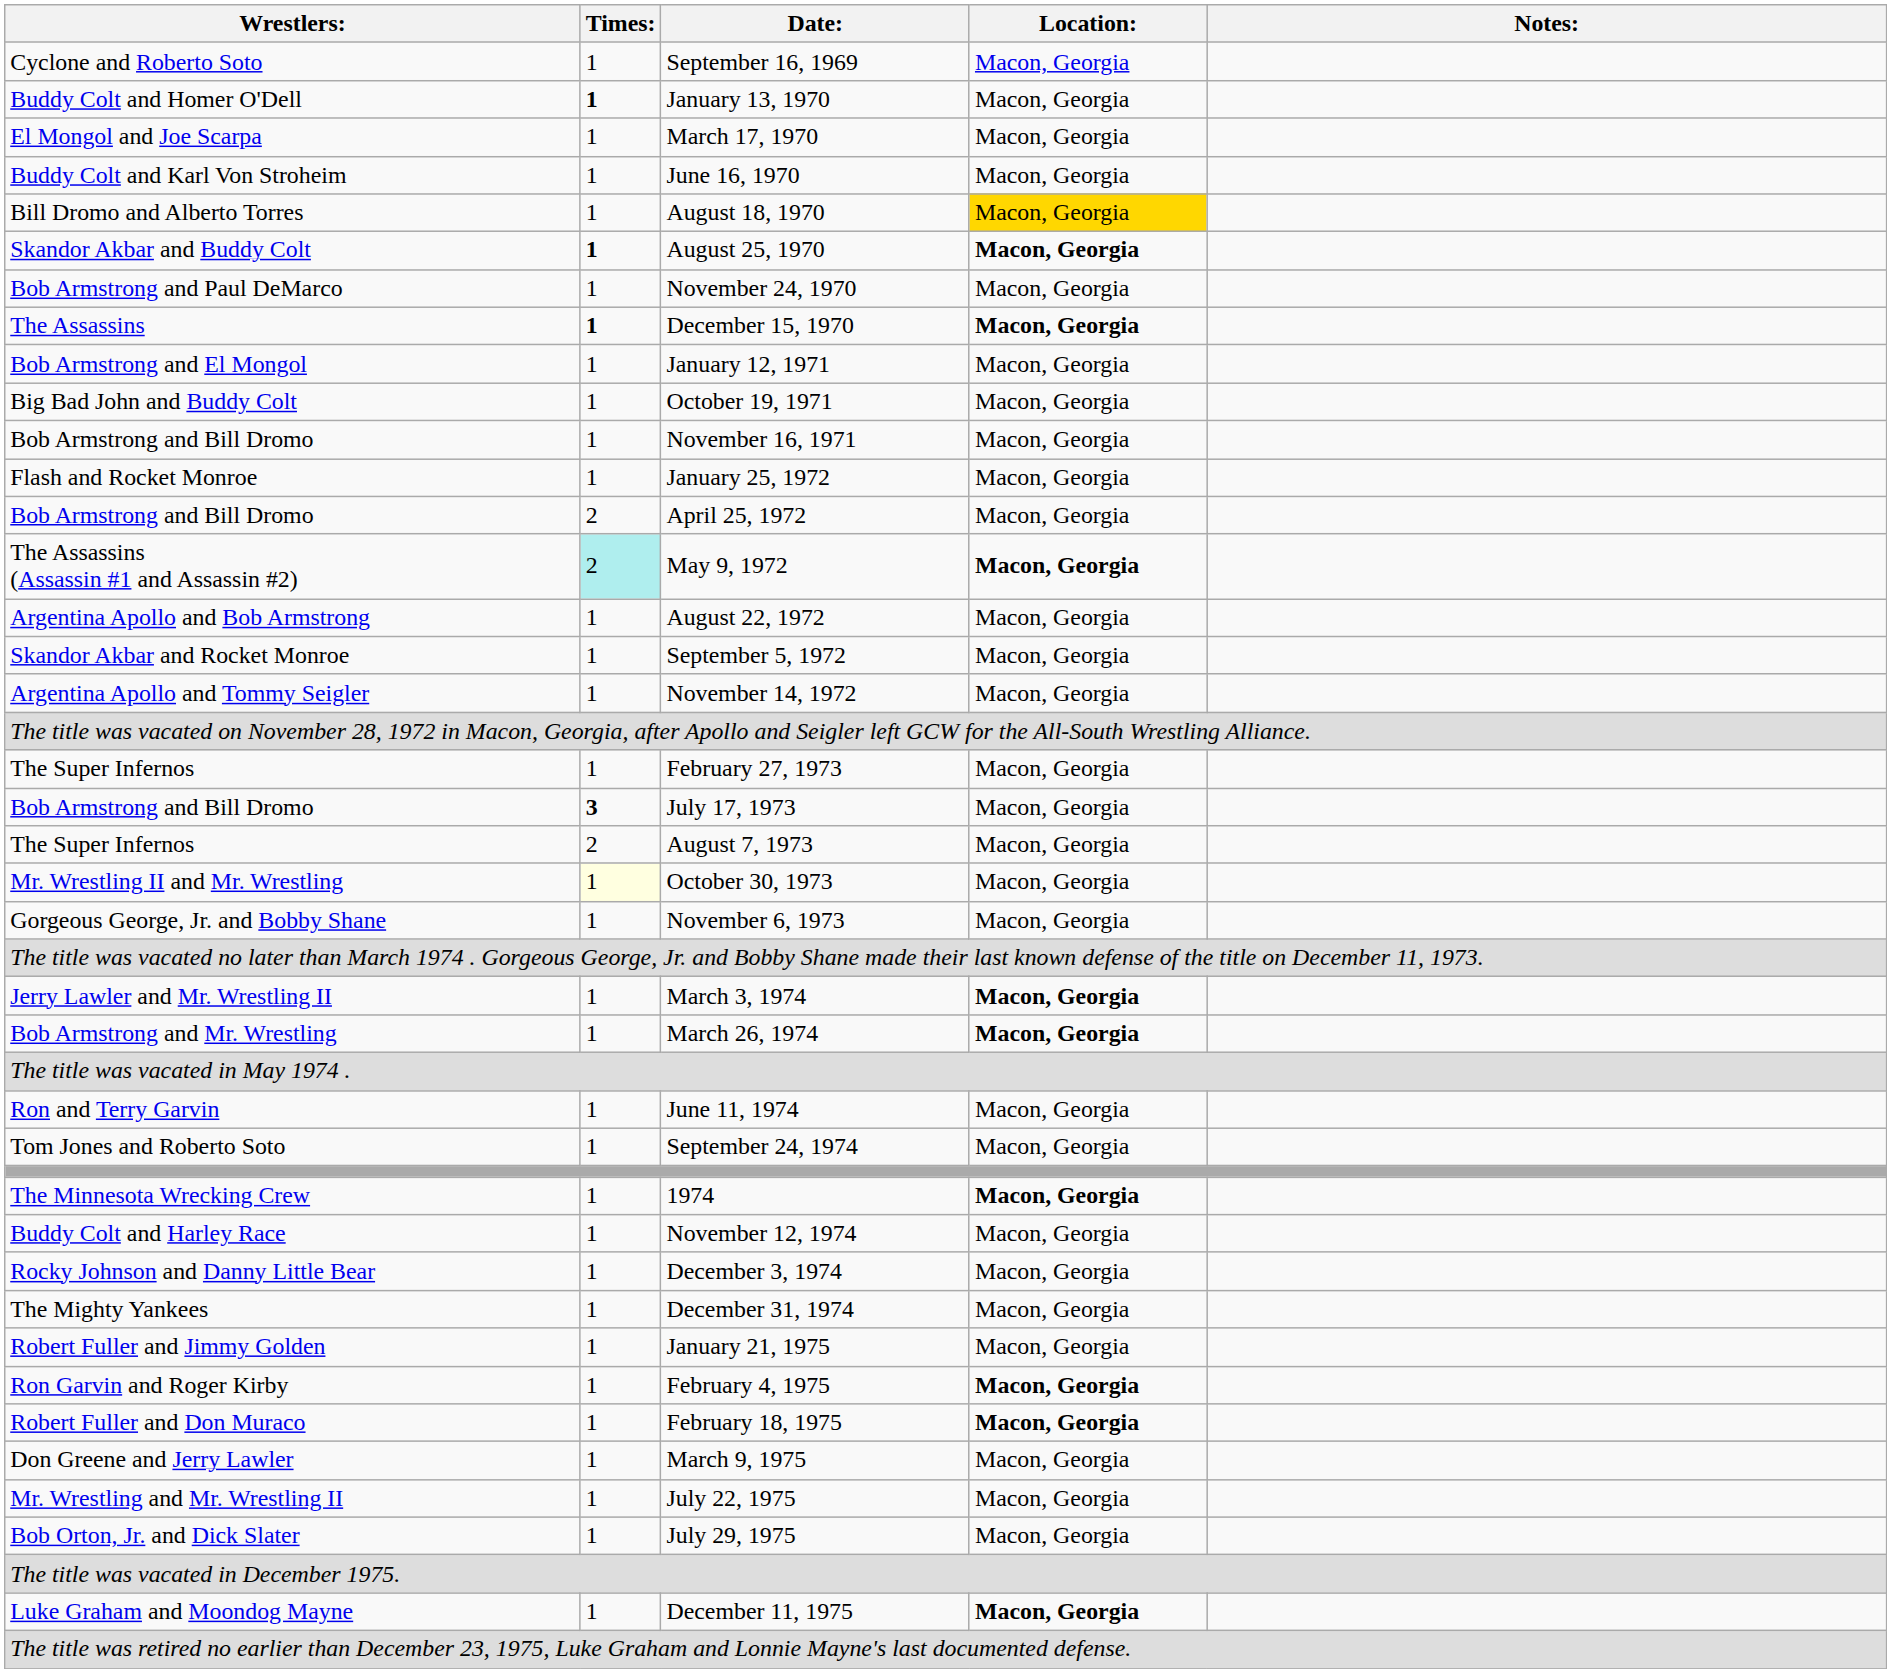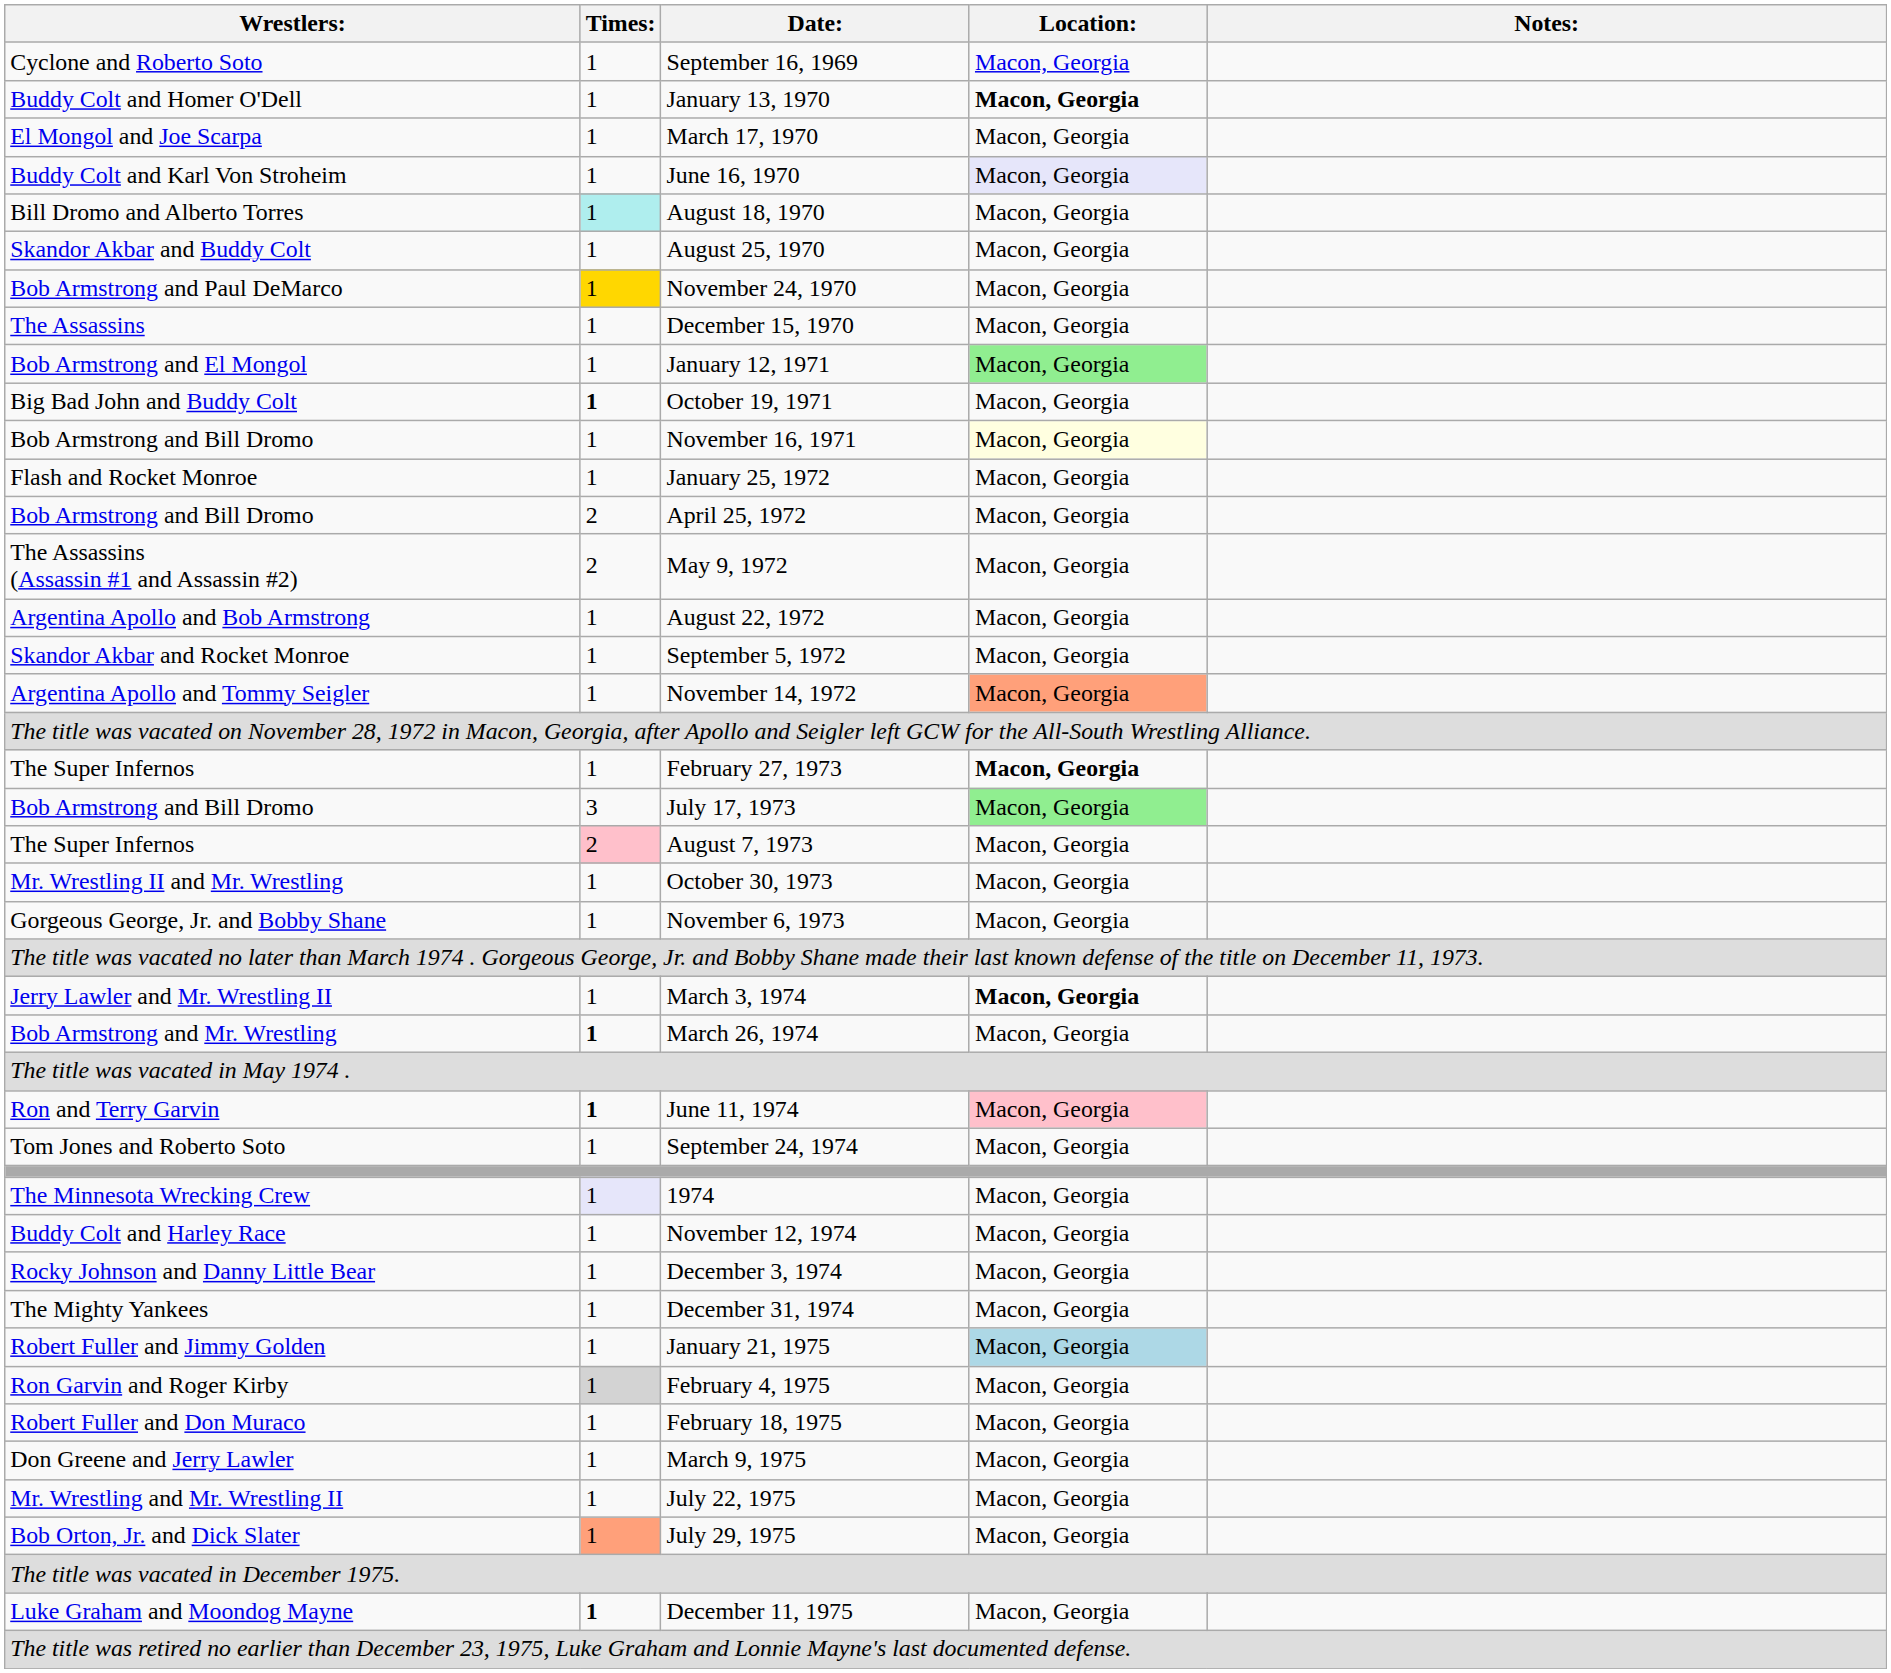 <table class="wikitable" width=100%>
 <tr>
 <th width=32%>Wrestlers:</th>
 <th width=0%>Times:</th>
 <th width=17%>Date:</th>
 <th width=13%>Location:</th>
 <th width=38%>Notes:</th>
 </tr>
 <tr>
 <td>Cyclone and <a href='#'>Roberto Soto</a></td>
 <td>1</td>
 <td>September 16, 1969</td>
 <td><a href='#'>Macon, Georgia</a></td>
 <td></td>
 </tr>
 <tr>
 <td><a href='#'>Buddy Colt</a> and Homer O'Dell</td>
-<td><strong>1</strong></td>
+<td>1</td>
 <td>January 13, 1970</td>
-<td>Macon, Georgia</td>
+<td><strong>Macon, Georgia</strong></td>
 <td></td>
 </tr>
 <tr>
 <td><a href='#'>El Mongol</a> and <a href='#'>Joe Scarpa</a></td>
 <td>1</td>
 <td>March 17, 1970</td>
 <td>Macon, Georgia</td>
 <td></td>
 </tr>
 <tr>
 <td><a href='#'>Buddy Colt</a>  and Karl Von Stroheim</td>
 <td>1</td>
 <td>June 16, 1970</td>
+<td style="background: lavender;">Macon, Georgia</td>
+<td></td>
+</tr>
+<tr>
+<td>Bill Dromo and Alberto Torres</td>
+<td style="background: paleturquoise;">1</td>
+<td>August 18, 1970</td>
 <td>Macon, Georgia</td>
 <td></td>
 </tr>
 <tr>
-<td>Bill Dromo and Alberto Torres</td>
+<td><a href='#'>Skandor Akbar</a> and <a href='#'>Buddy Colt</a> </td>
 <td>1</td>
-<td>August 18, 1970</td>
-<td style="background: gold;">Macon, Georgia</td>
-<td></td>
-</tr>
-<tr>
-<td><a href='#'>Skandor Akbar</a> and <a href='#'>Buddy Colt</a> </td>
-<td><strong>1</strong></td>
 <td>August 25, 1970</td>
-<td><strong>Macon, Georgia</strong></td>
+<td>Macon, Georgia</td>
 <td></td>
 </tr>
 <tr>
 <td><a href='#'>Bob Armstrong</a> and Paul DeMarco</td>
-<td>1</td>
+<td style="background: gold;">1</td>
 <td>November 24, 1970</td>
 <td>Macon, Georgia</td>
 <td></td>
 </tr>
 <tr>
 <td><a href='#'>The Assassins</a><br></td>
-<td><strong>1</strong></td>
+<td>1</td>
 <td>December 15, 1970</td>
-<td><strong>Macon, Georgia</strong></td>
+<td>Macon, Georgia</td>
 <td></td>
 </tr>
 <tr>
 <td><a href='#'>Bob Armstrong</a>  and <a href='#'>El Mongol</a> </td>
 <td>1</td>
 <td>January 12, 1971</td>
-<td>Macon, Georgia</td>
+<td style="background: lightgreen;">Macon, Georgia</td>
 <td></td>
 </tr>
 <tr>
 <td>Big Bad John and <a href='#'>Buddy Colt</a> </td>
-<td>1</td>
+<td><strong>1</strong></td>
 <td>October 19, 1971</td>
 <td>Macon, Georgia</td>
 <td></td>
 </tr>
 <tr>
 <td>Bob Armstrong  and Bill Dromo </td>
 <td>1</td>
 <td>November 16, 1971</td>
-<td>Macon, Georgia</td>
+<td style="background: lightyellow;">Macon, Georgia</td>
 <td></td>
 </tr>
 <tr>
 <td>Flash and Rocket Monroe</td>
 <td>1</td>
 <td>January 25, 1972</td>
 <td>Macon, Georgia</td>
 <td></td>
 </tr>
 <tr>
 <td><a href='#'>Bob Armstrong</a>  and Bill Dromo </td>
 <td>2</td>
 <td>April 25, 1972</td>
 <td>Macon, Georgia</td>
 <td></td>
 </tr>
 <tr>
 <td>The Assassins<br>(<a href='#'>Assassin #1</a> and Assassin #2)</td>
-<td style="background: paleturquoise;">2</td>
+<td>2</td>
 <td>May 9, 1972</td>
-<td><strong>Macon, Georgia</strong></td>
+<td>Macon, Georgia</td>
 <td></td>
 </tr>
 <tr>
 <td><a href='#'>Argentina Apollo</a> and <a href='#'>Bob Armstrong</a> </td>
 <td>1</td>
 <td>August 22, 1972</td>
 <td>Macon, Georgia</td>
 <td></td>
 </tr>
 <tr>
 <td><a href='#'>Skandor Akbar</a>  and Rocket Monroe </td>
 <td>1</td>
 <td>September 5, 1972</td>
 <td>Macon, Georgia</td>
 <td></td>
 </tr>
 <tr>
 <td><a href='#'>Argentina Apollo</a>  and <a href='#'>Tommy Seigler</a></td>
 <td>1</td>
 <td>November 14, 1972</td>
-<td>Macon, Georgia</td>
+<td style="background: lightsalmon;">Macon, Georgia</td>
 <td></td>
 </tr>
 <tr>
 <td style="background: #dddddd;" colspan=5><em>The title was vacated on November 28, 1972 in Macon, Georgia, after Apollo and Seigler left GCW for the All-South Wrestling Alliance.</em></td>
 </tr>
 <tr>
 <td>The Super Infernos</td>
 <td>1</td>
 <td>February 27, 1973</td>
-<td>Macon, Georgia</td>
+<td><strong>Macon, Georgia</strong></td>
 <td></td>
 </tr>
 <tr>
 <td><a href='#'>Bob Armstrong</a>  and Bill Dromo </td>
-<td><strong>3</strong></td>
+<td>3</td>
 <td>July 17, 1973</td>
-<td>Macon, Georgia</td>
+<td style="background: lightgreen;">Macon, Georgia</td>
 <td></td>
 </tr>
 <tr>
 <td>The Super Infernos</td>
-<td>2</td>
+<td style="background: pink;">2</td>
 <td>August 7, 1973</td>
 <td>Macon, Georgia</td>
 <td></td>
 </tr>
 <tr>
 <td><a href='#'>Mr. Wrestling II</a> and <a href='#'>Mr. Wrestling</a></td>
-<td style="background: lightyellow;">1</td>
+<td>1</td>
 <td>October 30, 1973</td>
 <td>Macon, Georgia</td>
 <td></td>
 </tr>
 <tr>
 <td>Gorgeous George, Jr. and <a href='#'>Bobby Shane</a></td>
 <td>1</td>
 <td>November 6, 1973</td>
 <td>Macon, Georgia</td>
 <td></td>
 </tr>
 <tr>
 <td style="background: #dddddd;" colspan=5><em>The title was vacated no later than March 1974 </em><em>. Gorgeous George, Jr. and Bobby Shane made their last known defense of the title on December 11, 1973.</em></td>
 </tr>
 <tr>
 <td><a href='#'>Jerry Lawler</a> and <a href='#'>Mr. Wrestling II</a> </td>
 <td>1</td>
 <td>March 3, 1974</td>
 <td><strong>Macon, Georgia</strong></td>
 <td></td>
 </tr>
 <tr>
 <td><a href='#'>Bob Armstrong</a>  and <a href='#'>Mr. Wrestling</a> </td>
-<td>1</td>
+<td><strong>1</strong></td>
 <td>March 26, 1974</td>
-<td><strong>Macon, Georgia</strong></td>
+<td>Macon, Georgia</td>
 <td></td>
 </tr>
 <tr>
 <td style="background: #dddddd;" colspan=5><em>The title was vacated in May 1974 </em><em>.</em></td>
 </tr>
 <tr>
 <td><a href='#'>Ron</a> and <a href='#'>Terry Garvin</a></td>
-<td>1</td>
+<td><strong>1</strong></td>
 <td>June 11, 1974</td>
-<td>Macon, Georgia</td>
+<td style="background: pink;">Macon, Georgia</td>
 <td></td>
 </tr>
 <tr>
 <td>Tom Jones and Roberto Soto</td>
 <td>1</td>
 <td>September 24, 1974</td>
 <td>Macon, Georgia</td>
 <td></td>
 </tr>
 <tr>
 <td style="background: #aaaaaa;" colspan=5></td>
 </tr>
 <tr>
 <td><a href='#'>The Minnesota Wrecking Crew</a><br></td>
-<td>1</td>
+<td style="background: lavender;">1</td>
 <td>1974</td>
-<td><strong>Macon, Georgia</strong></td>
+<td>Macon, Georgia</td>
 <td></td>
 </tr>
 <tr>
 <td><a href='#'>Buddy Colt</a>  and <a href='#'>Harley Race</a></td>
 <td>1</td>
 <td>November 12, 1974</td>
 <td>Macon, Georgia</td>
 <td></td>
 </tr>
 <tr>
 <td><a href='#'>Rocky Johnson</a> and <a href='#'>Danny Little Bear</a></td>
 <td>1</td>
 <td>December 3, 1974</td>
 <td>Macon, Georgia</td>
 <td></td>
 </tr>
 <tr>
 <td>The Mighty Yankees</td>
 <td>1</td>
 <td>December 31, 1974</td>
 <td>Macon, Georgia</td>
 <td></td>
 </tr>
 <tr>
 <td><a href='#'>Robert Fuller</a> and <a href='#'>Jimmy Golden</a></td>
 <td>1</td>
 <td>January 21, 1975</td>
-<td>Macon, Georgia</td>
+<td style="background: lightblue;">Macon, Georgia</td>
 <td></td>
 </tr>
 <tr>
 <td><a href='#'>Ron Garvin</a>  and Roger Kirby</td>
-<td>1</td>
+<td style="background: lightgrey;">1</td>
 <td>February 4, 1975</td>
-<td><strong>Macon, Georgia</strong></td>
+<td>Macon, Georgia</td>
 <td></td>
 </tr>
 <tr>
 <td><a href='#'>Robert Fuller</a>  and <a href='#'>Don Muraco</a></td>
 <td>1</td>
 <td>February 18, 1975</td>
-<td><strong>Macon, Georgia</strong></td>
+<td>Macon, Georgia</td>
 <td></td>
 </tr>
 <tr>
 <td>Don Greene and <a href='#'>Jerry Lawler</a> </td>
 <td>1</td>
 <td>March 9, 1975</td>
 <td>Macon, Georgia</td>
 <td></td>
 </tr>
 <tr>
 <td><a href='#'>Mr. Wrestling</a>  and <a href='#'>Mr. Wrestling II</a> </td>
 <td>1</td>
 <td>July 22, 1975</td>
 <td>Macon, Georgia</td>
 <td></td>
 </tr>
 <tr>
 <td><a href='#'>Bob Orton, Jr.</a> and <a href='#'>Dick Slater</a></td>
-<td>1</td>
+<td style="background: lightsalmon;">1</td>
 <td>July 29, 1975</td>
 <td>Macon, Georgia</td>
 <td></td>
 </tr>
 <tr>
 <td style="background: #dddddd;" colspan=5><em>The title was vacated in December 1975.</em></td>
 </tr>
 <tr>
 <td><a href='#'>Luke Graham</a> and <a href='#'>Moondog Mayne</a></td>
-<td>1</td>
+<td><strong>1</strong></td>
 <td>December 11, 1975</td>
-<td><strong>Macon, Georgia</strong></td>
+<td>Macon, Georgia</td>
 <td></td>
 </tr>
 <tr>
 <td style="background: #dddddd;" colspan=5><em>The title was retired no earlier than December 23, 1975, Luke Graham and Lonnie Mayne's last documented defense.</em></td>
 </tr>
 <tr>
 </tr>
 </table>
